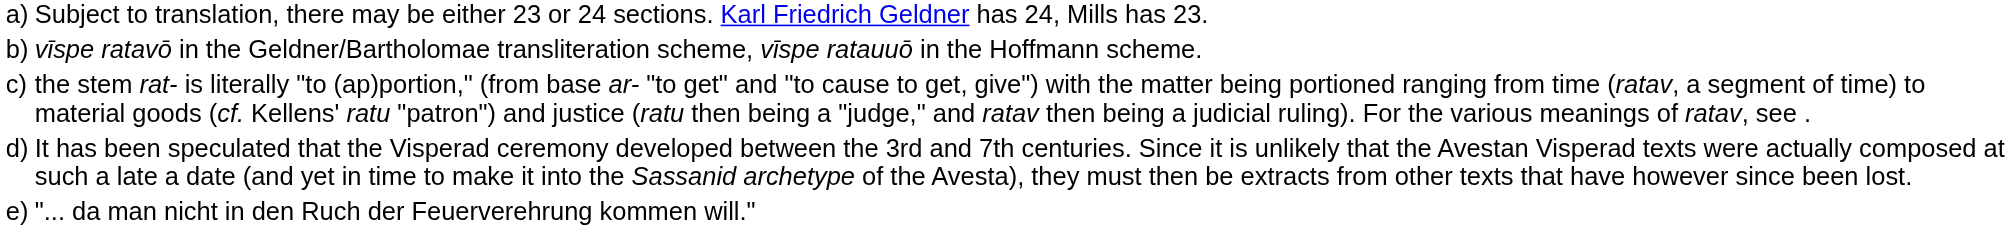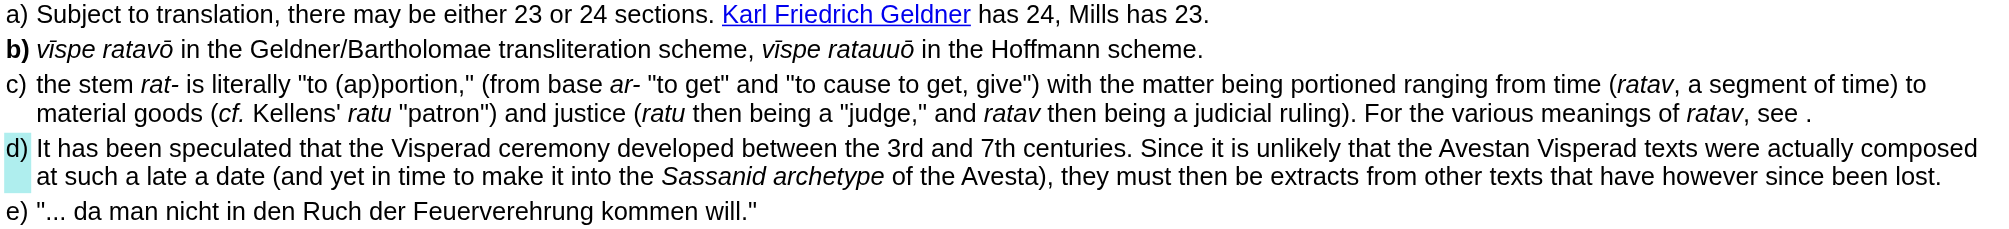 <table>
 <tr>
 <td valign="top">a)</td>
 <td>Subject to translation, there may be either 23 or 24 sections. <a href='#'>Karl Friedrich Geldner</a> has 24, Mills has 23.</td>
 </tr>
 <tr>
-<td valign="top">b)</td>
+<td valign="top"><strong>b)</strong></td>
 <td><em>vīspe ratavō</em> in the Geldner/Bartholomae transliteration scheme, <em>vīspe ratauuō</em> in the Hoffmann scheme.</td>
 </tr>
 <tr>
 <td valign="top">c)</td>
 <td>the stem <em>rat-</em> is literally "to (ap)portion," (from base <em>ar-</em> "to get" and "to cause to get, give") with the matter being portioned ranging from time (<em>ratav</em>, a segment of time) to material goods (<em>cf.</em> Kellens' <em>ratu</em> "patron") and justice (<em>ratu</em> then being a "judge," and <em>ratav</em> then being a judicial ruling). For the various meanings of <em>ratav</em>, see .</td>
 </tr>
 <tr>
-<td valign="top">d)</td>
+<td valign="top" style="background: paleturquoise;">d)</td>
 <td>It has been speculated that the Visperad ceremony developed between the 3rd and 7th centuries. Since it is unlikely that the Avestan Visperad texts were actually composed at such a late a date (and yet in time to make it into the <em>Sassanid archetype</em> of the Avesta), they must then be extracts from other texts that have however since been lost.</td>
 </tr>
 <tr>
 <td valign="top">e)</td>
 <td>"... da man nicht in den Ruch der Feuerverehrung kommen will."</td>
 </tr>
 </table>
